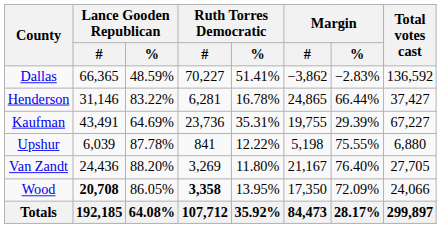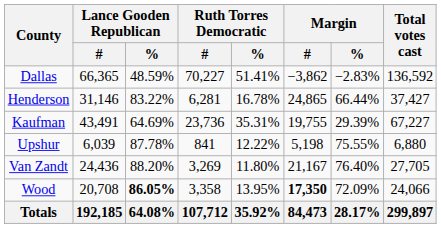 <table width="60%"  class="wikitable sortable" style="text-align:center">
 <tr>
 <th rowspan="2">County</th>
 <th style="text-align:center;" colspan="2">Lance Gooden<br>Republican</th>
 <th style="text-align:center;" colspan="2">Ruth Torres<br>Democratic</th>
 <th style="text-align:center;" colspan="2">Margin</th>
 <th rowspan="2" style="text-align:center;">Total votes cast</th>
 </tr>
 <tr>
 <th style="text-align:center;" data-sort-type="number">#</th>
 <th style="text-align:center;" data-sort-type="number">%</th>
 <th style="text-align:center;" data-sort-type="number">#</th>
 <th style="text-align:center;" data-sort-type="number">%</th>
 <th style="text-align:center;" data-sort-type="number">#</th>
 <th style="text-align:center;" data-sort-type="number">%</th>
 </tr>
 <tr style="text-align:center;">
 <td style="color:black;background-color:"><a href='#'>Dallas</a></td>
 <td style="background-color:">66,365</td>
 <td style="background-color:">48.59%</td>
 <td style="color:black;background-color:">70,227</td>
 <td style="color:black;background-color:">51.41%</td>
 <td style="color:black;background-color:">−3,862</td>
 <td style="color:black;background-color:">−2.83%</td>
 <td style="color:black;background-color:">136,592</td>
 </tr>
 <tr style="text-align:center;">
 <td style="background-color:"><a href='#'>Henderson</a></td>
 <td style="background-color:">31,146</td>
 <td style="background-color:">83.22%</td>
 <td style="color:black;background-color:">6,281</td>
 <td style="color:black;background-color:">16.78%</td>
 <td style="background-color:">24,865</td>
 <td style="background-color:">66.44%</td>
 <td style="background-color:">37,427</td>
 </tr>
 <tr style="text-align:center;">
 <td style="background-color:"><a href='#'>Kaufman</a></td>
 <td style="background-color:">43,491</td>
 <td style="background-color:">64.69%</td>
 <td style="color:black;background-color:">23,736</td>
 <td style="color:black;background-color:">35.31%</td>
 <td style="background-color:">19,755</td>
 <td style="background-color:">29.39%</td>
 <td style="background-color:">67,227</td>
 </tr>
 <tr style="text-align:center;">
 <td style="background-color:"><a href='#'>Upshur</a></td>
 <td style="background-color:">6,039</td>
 <td style="background-color:">87.78%</td>
 <td style="color:black;background-color:">841</td>
 <td style="color:black;background-color:">12.22%</td>
 <td style="background-color:">5,198</td>
 <td style="background-color:">75.55%</td>
 <td style="background-color:">6,880</td>
 </tr>
 <tr style="text-align:center;">
 <td style="background-color:"><a href='#'>Van Zandt</a></td>
 <td style="background-color:">24,436</td>
 <td style="background-color:">88.20%</td>
 <td style="color:black;background-color:">3,269</td>
 <td style="color:black;background-color:">11.80%</td>
 <td style="background-color:">21,167</td>
 <td style="background-color:">76.40%</td>
 <td style="background-color:">27,705</td>
 </tr>
 <tr style="text-align:center;">
 <td style="background-color:"><a href='#'>Wood</a></td>
-<td style="background-color:"><strong>20,708</strong></td>
-<td style="background-color:">86.05%</td>
-<td style="color:black;background-color:"><strong>3,358</strong></td>
+<td style="background-color:">20,708</td>
+<td style="background-color:"><strong>86.05%</strong></td>
+<td style="color:black;background-color:">3,358</td>
 <td style="color:black;background-color:">13.95%</td>
-<td style="background-color:">17,350</td>
+<td style="background-color:"><strong>17,350</strong></td>
 <td style="background-color:">72.09%</td>
 <td style="background-color:">24,066</td>
 </tr>
 <tr style="text-align:center;">
 <th>Totals</th>
 <th>192,185</th>
 <th>64.08%</th>
 <th>107,712</th>
 <th>35.92%</th>
 <th>84,473</th>
 <th>28.17%</th>
 <th>299,897</th>
 </tr>
 </table>
